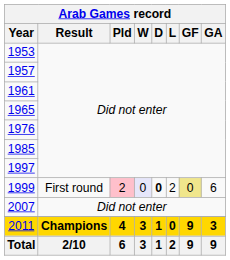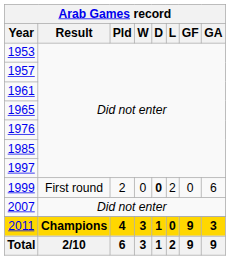 <table class="wikitable" style="text-align: center;font-size:100%">
 <tr>
 <th colspan=8><a href='#'>Arab Games</a> record</th>
 </tr>
 <tr>
 <th>Year</th>
 <th>Result</th>
 <th>Pld</th>
 <th>W</th>
 <th>D</th>
 <th>L</th>
 <th>GF</th>
 <th>GA</th>
 </tr>
 <tr>
 <td> <a href='#'>1953</a></td>
 <td rowspan=7 colspan=7><em>Did not enter</em></td>
 </tr>
 <tr>
 <td> <a href='#'>1957</a></td>
 </tr>
 <tr>
 <td> <a href='#'>1961</a></td>
 </tr>
 <tr>
 <td> <a href='#'>1965</a></td>
 </tr>
 <tr>
 <td> <a href='#'>1976</a></td>
 </tr>
 <tr>
 <td> <a href='#'>1985</a></td>
 </tr>
 <tr>
 <td> <a href='#'>1997</a></td>
 </tr>
 <tr>
 <td> <a href='#'>1999</a></td>
 <td>First round</td>
-<td style="background: pink;">2</td>
-<td style="background: lavender;">0</td>
+<td>2</td>
+<td>0</td>
 <td><strong>0</strong></td>
 <td>2</td>
-<td style="background: khaki;">0</td>
+<td>0</td>
 <td>6</td>
 </tr>
 <tr>
 <td> <a href='#'>2007</a></td>
 <td colspan=7><em>Did not enter</em></td>
 </tr>
 <tr>
 </tr>
 <tr bgcolor=gold>
 <td> <a href='#'>2011</a></td>
 <td><strong>Champions</strong></td>
 <td><strong>4</strong></td>
 <td><strong>3</strong></td>
 <td><strong>1</strong></td>
 <td><strong>0</strong></td>
 <td><strong>9</strong></td>
 <td><strong>3</strong></td>
 </tr>
 <tr>
 <th>Total</th>
 <th>2/10</th>
 <th>6</th>
 <th>3</th>
 <th>1</th>
 <th>2</th>
 <th>9</th>
 <th>9</th>
 </tr>
 </table>
